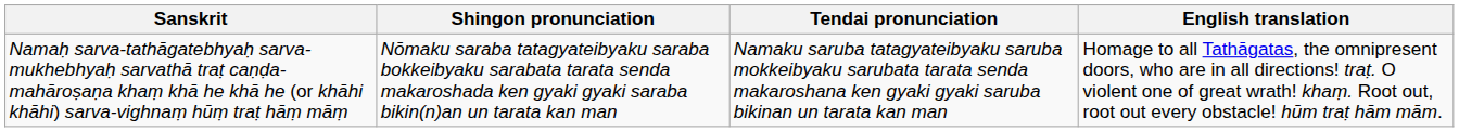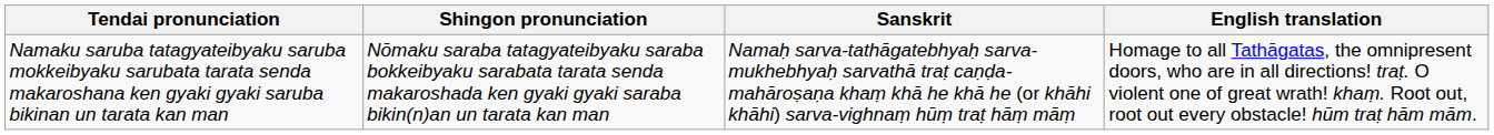 <table class="wikitable">
 <tr>
+<th>Tendai pronunciation</th>
+<th>Shingon pronunciation</th>
 <th>Sanskrit</th>
-<th>Shingon pronunciation</th>
-<th>Tendai pronunciation</th>
 <th>English translation</th>
 </tr>
 <tr>
+<td><em>Namaku saruba tatagyateibyaku saruba mokkeibyaku sarubata tarata senda makaroshana ken gyaki gyaki saruba bikinan un tarata kan man</em></td>
+<td><em>Nōmaku saraba tatagyateibyaku saraba bokkeibyaku sarabata tarata senda makaroshada ken gyaki gyaki saraba bikin(n)an un tarata kan man</em></td>
 <td><em>Namaḥ sarva-tathāgatebhyaḥ sarva-mukhebhyaḥ sarvathā traṭ caṇḍa-mahāroṣaṇa khaṃ khā he khā he</em> (or <em>khāhi khāhi</em>) <em>sarva-vighnaṃ hūṃ traṭ hāṃ māṃ</em></td>
-<td><em>Nōmaku saraba tatagyateibyaku saraba bokkeibyaku sarabata tarata senda makaroshada ken gyaki gyaki saraba bikin(n)an un tarata kan man</em></td>
-<td><em>Namaku saruba tatagyateibyaku saruba mokkeibyaku sarubata tarata senda makaroshana ken gyaki gyaki saruba bikinan un tarata kan man</em></td>
 <td>Homage to all <a href='#'>Tathāgatas</a>, the omnipresent doors, who are in all directions! <em>traṭ.</em> O violent one of great wrath! <em>khaṃ.</em> Root out, root out every obstacle! <em>hūm traṭ hām mām</em>.</td>
 </tr>
 </table>
